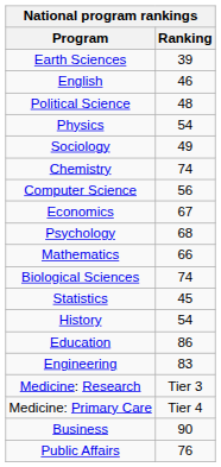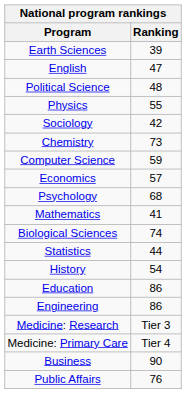 <table class="wikitable sortable collapsible collapsed" style="float:right; text-align:center">
 <tr>
 <th colspan=4>National program rankings</th>
 </tr>
 <tr>
 <th>Program</th>
 <th>Ranking</th>
 </tr>
 <tr>
 <td><a href='#'>Earth Sciences</a></td>
 <td>39</td>
 </tr>
 <tr>
 <td><a href='#'>English</a></td>
-<td>46</td>
+<td>47</td>
 </tr>
 <tr>
 <td><a href='#'>Political Science</a></td>
 <td>48</td>
 </tr>
 <tr>
 <td><a href='#'>Physics</a></td>
-<td>54</td>
+<td>55</td>
 </tr>
 <tr>
 <td><a href='#'>Sociology</a></td>
-<td>49</td>
+<td>42</td>
 </tr>
 <tr>
 <td><a href='#'>Chemistry</a></td>
-<td>74</td>
+<td>73</td>
 </tr>
 <tr>
 <td><a href='#'>Computer Science</a></td>
-<td>56</td>
+<td>59</td>
 </tr>
 <tr>
 <td><a href='#'>Economics</a></td>
-<td>67</td>
+<td>57</td>
 </tr>
 <tr>
 <td><a href='#'>Psychology</a></td>
 <td>68</td>
 </tr>
 <tr>
 <td><a href='#'>Mathematics</a></td>
-<td>66</td>
+<td>41</td>
 </tr>
 <tr>
 <td><a href='#'>Biological Sciences</a></td>
 <td>74</td>
 </tr>
 <tr>
 <td><a href='#'>Statistics</a></td>
-<td>45</td>
+<td>44</td>
 </tr>
 <tr>
 <td><a href='#'>History</a></td>
 <td>54</td>
 </tr>
 <tr>
 <td><a href='#'>Education</a></td>
 <td>86</td>
 </tr>
 <tr>
 <td><a href='#'>Engineering</a></td>
-<td>83</td>
+<td>86</td>
 </tr>
 <tr>
 <td><a href='#'>Medicine</a>: <a href='#'>Research</a></td>
 <td>Tier 3</td>
 </tr>
 <tr>
 <td>Medicine: <a href='#'>Primary Care</a></td>
 <td>Tier 4</td>
 </tr>
 <tr>
 <td><a href='#'>Business</a></td>
 <td>90</td>
 </tr>
 <tr>
 <td><a href='#'>Public Affairs</a></td>
 <td>76</td>
 </tr>
 </table>
